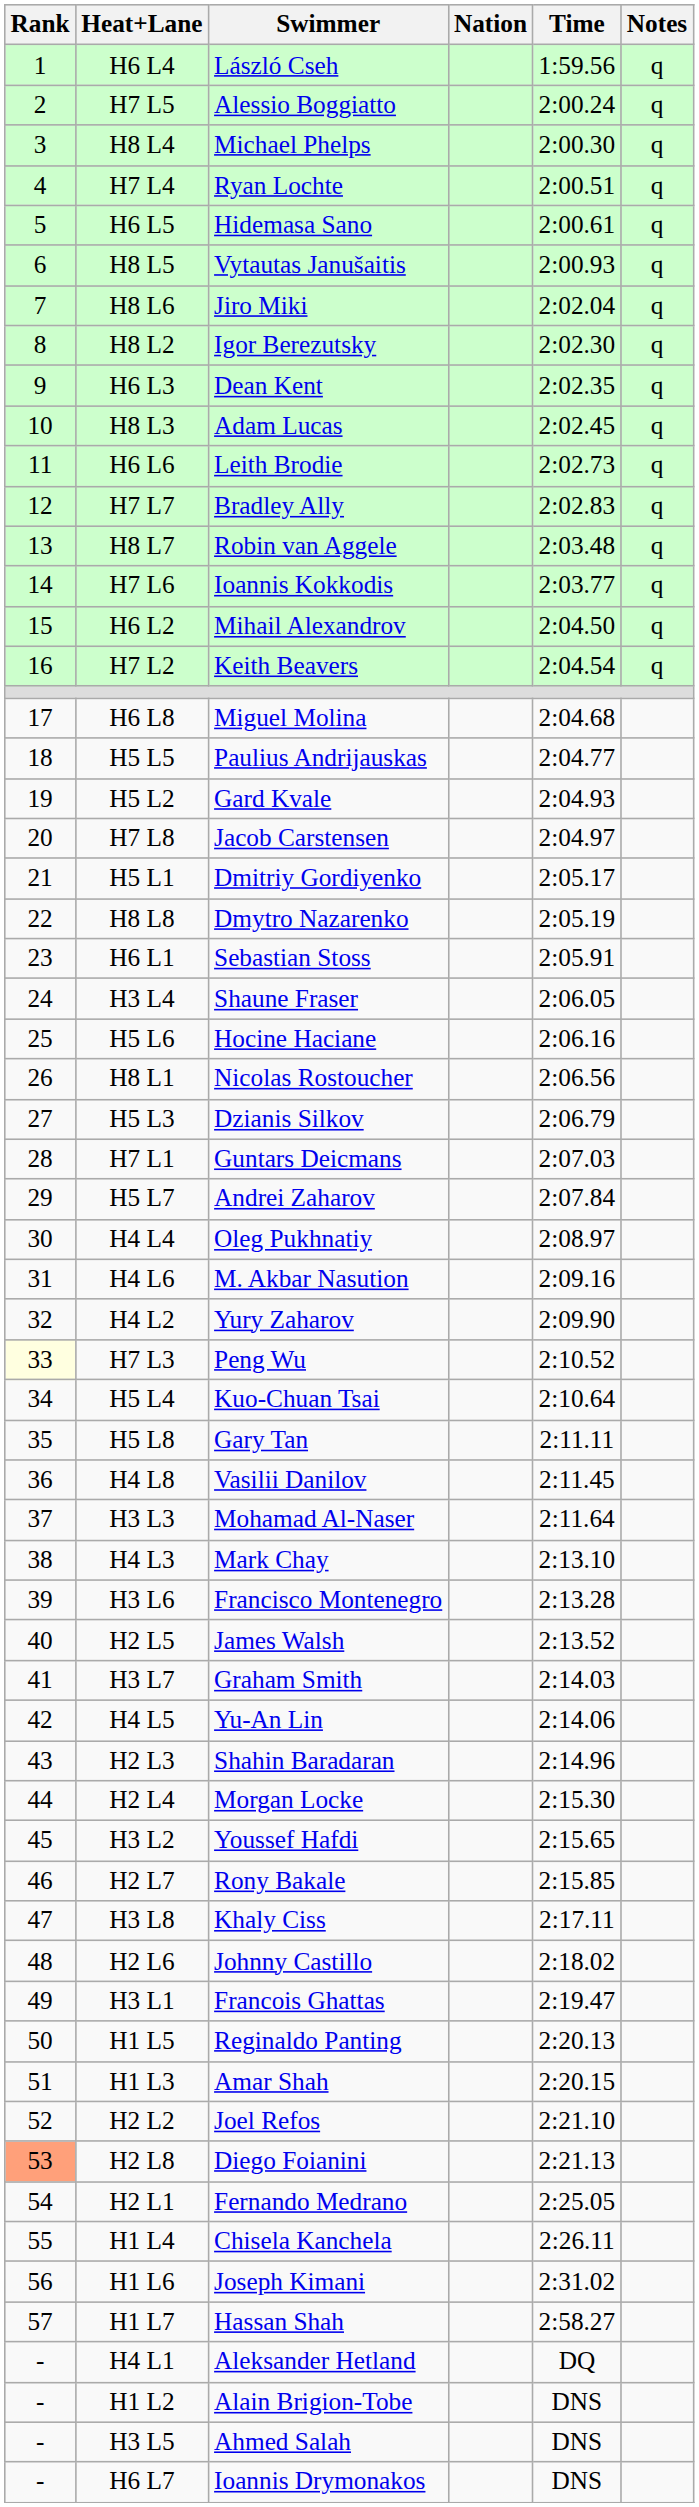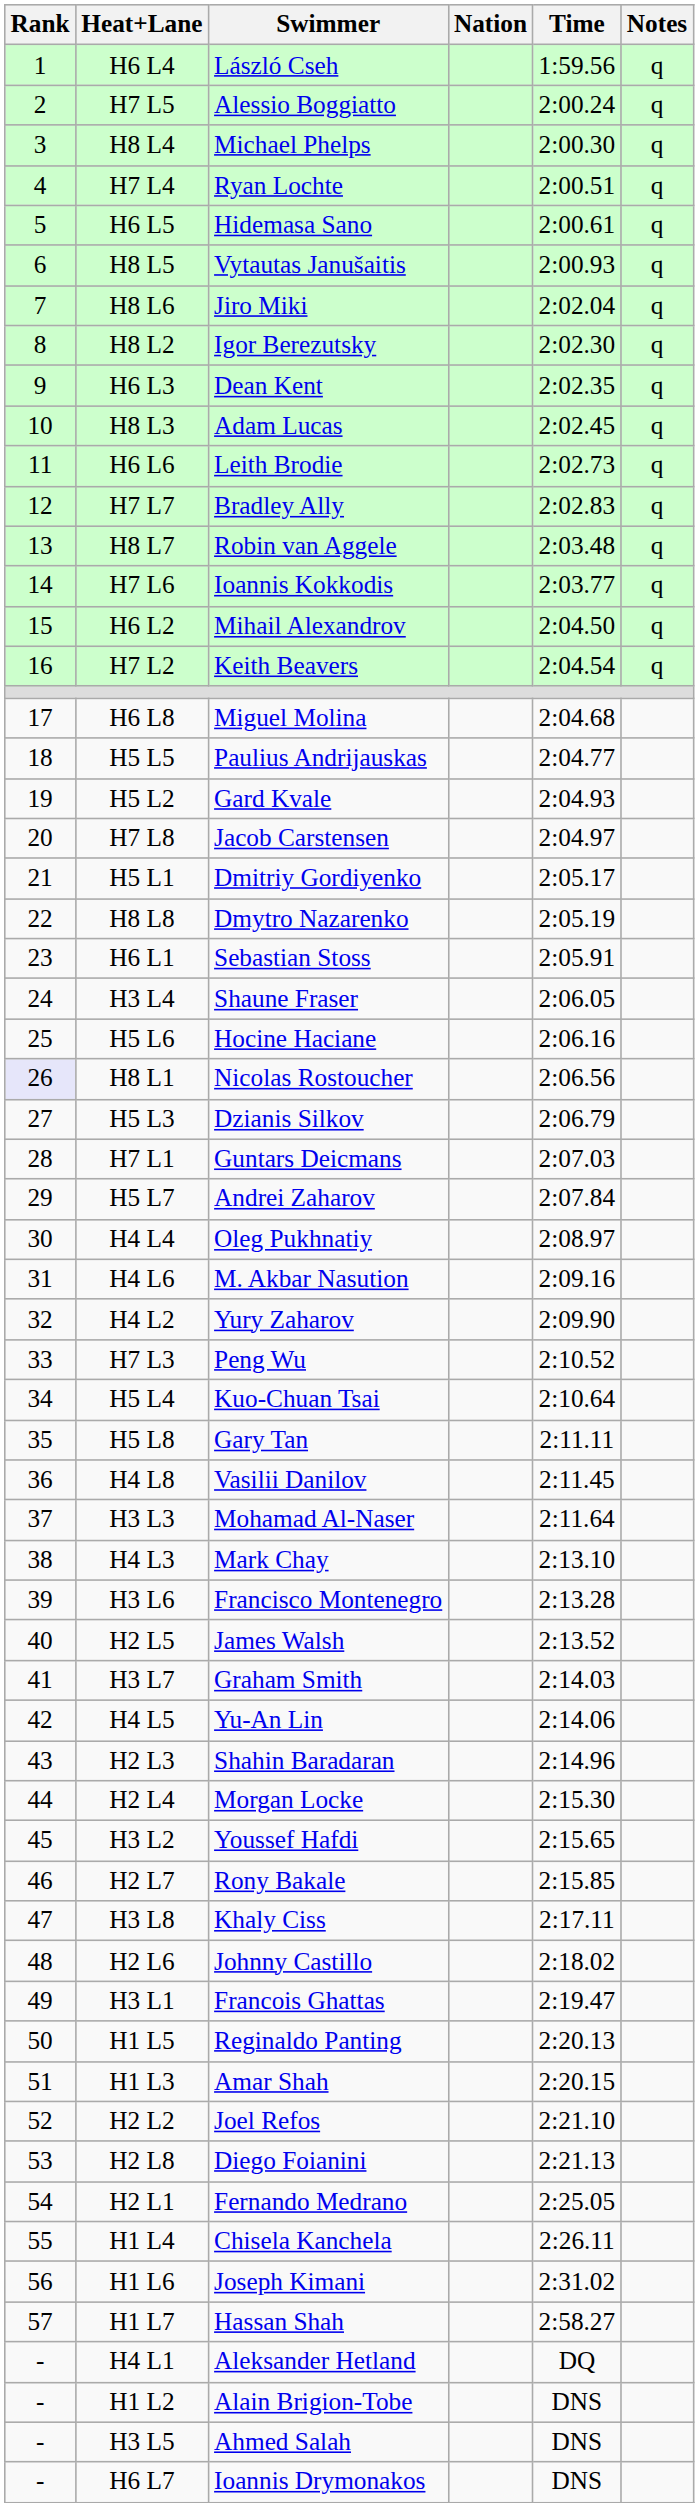 <table class="wikitable sortable" style="text-align:center">
 <tr>
 <th>Rank</th>
 <th>Heat+Lane</th>
 <th>Swimmer</th>
 <th>Nation</th>
 <th>Time</th>
 <th>Notes</th>
 </tr>
 <tr bgcolor=ccffcc>
 <td>1</td>
 <td>H6 L4</td>
 <td align=left><a href='#'>László Cseh</a></td>
 <td align=left></td>
 <td>1:59.56</td>
 <td>q</td>
 </tr>
 <tr bgcolor=ccffcc>
 <td>2</td>
 <td>H7 L5</td>
 <td align=left><a href='#'>Alessio Boggiatto</a></td>
 <td align=left></td>
 <td>2:00.24</td>
 <td>q</td>
 </tr>
 <tr bgcolor=ccffcc>
 <td>3</td>
 <td>H8 L4</td>
 <td align=left><a href='#'>Michael Phelps</a></td>
 <td align=left></td>
 <td>2:00.30</td>
 <td>q</td>
 </tr>
 <tr bgcolor=ccffcc>
 <td>4</td>
 <td>H7 L4</td>
 <td align=left><a href='#'>Ryan Lochte</a></td>
 <td align=left></td>
 <td>2:00.51</td>
 <td>q</td>
 </tr>
 <tr bgcolor=ccffcc>
 <td>5</td>
 <td>H6 L5</td>
 <td align=left><a href='#'>Hidemasa Sano</a></td>
 <td align=left></td>
 <td>2:00.61</td>
 <td>q</td>
 </tr>
 <tr bgcolor=ccffcc>
 <td>6</td>
 <td>H8 L5</td>
 <td align=left><a href='#'>Vytautas Janušaitis</a></td>
 <td align=left></td>
 <td>2:00.93</td>
 <td>q</td>
 </tr>
 <tr bgcolor=ccffcc>
 <td>7</td>
 <td>H8 L6</td>
 <td align=left><a href='#'>Jiro Miki</a></td>
 <td align=left></td>
 <td>2:02.04</td>
 <td>q</td>
 </tr>
 <tr bgcolor=ccffcc>
 <td>8</td>
 <td>H8 L2</td>
 <td align=left><a href='#'>Igor Berezutsky</a></td>
 <td align=left></td>
 <td>2:02.30</td>
 <td>q</td>
 </tr>
 <tr bgcolor=ccffcc>
 <td>9</td>
 <td>H6 L3</td>
 <td align=left><a href='#'>Dean Kent</a></td>
 <td align=left></td>
 <td>2:02.35</td>
 <td>q</td>
 </tr>
 <tr bgcolor=ccffcc>
 <td>10</td>
 <td>H8 L3</td>
 <td align=left><a href='#'>Adam Lucas</a></td>
 <td align=left></td>
 <td>2:02.45</td>
 <td>q</td>
 </tr>
 <tr bgcolor=ccffcc>
 <td>11</td>
 <td>H6 L6</td>
 <td align=left><a href='#'>Leith Brodie</a></td>
 <td align=left></td>
 <td>2:02.73</td>
 <td>q</td>
 </tr>
 <tr bgcolor=ccffcc>
 <td>12</td>
 <td>H7 L7</td>
 <td align=left><a href='#'>Bradley Ally</a></td>
 <td align=left></td>
 <td>2:02.83</td>
 <td>q</td>
 </tr>
 <tr bgcolor=ccffcc>
 <td>13</td>
 <td>H8 L7</td>
 <td align=left><a href='#'>Robin van Aggele</a></td>
 <td align=left></td>
 <td>2:03.48</td>
 <td>q</td>
 </tr>
 <tr bgcolor=ccffcc>
 <td>14</td>
 <td>H7 L6</td>
 <td align=left><a href='#'>Ioannis Kokkodis</a></td>
 <td align=left></td>
 <td>2:03.77</td>
 <td>q</td>
 </tr>
 <tr bgcolor=ccffcc>
 <td>15</td>
 <td>H6 L2</td>
 <td align=left><a href='#'>Mihail Alexandrov</a></td>
 <td align=left></td>
 <td>2:04.50</td>
 <td>q</td>
 </tr>
 <tr bgcolor=ccffcc>
 <td>16</td>
 <td>H7 L2</td>
 <td align=left><a href='#'>Keith Beavers</a></td>
 <td align=left></td>
 <td>2:04.54</td>
 <td>q</td>
 </tr>
 <tr bgcolor=#DDDDDD>
 <td colspan=7></td>
 </tr>
 <tr>
 <td>17</td>
 <td>H6 L8</td>
 <td align=left><a href='#'>Miguel Molina</a></td>
 <td align=left></td>
 <td>2:04.68</td>
 <td></td>
 </tr>
 <tr>
 <td>18</td>
 <td>H5 L5</td>
 <td align=left><a href='#'>Paulius Andrijauskas</a></td>
 <td align=left></td>
 <td>2:04.77</td>
 <td></td>
 </tr>
 <tr>
 <td>19</td>
 <td>H5 L2</td>
 <td align=left><a href='#'>Gard Kvale</a></td>
 <td align=left></td>
 <td>2:04.93</td>
 <td></td>
 </tr>
 <tr>
 <td>20</td>
 <td>H7 L8</td>
 <td align=left><a href='#'>Jacob Carstensen</a></td>
 <td align=left></td>
 <td>2:04.97</td>
 <td></td>
 </tr>
 <tr>
 <td>21</td>
 <td>H5 L1</td>
 <td align=left><a href='#'>Dmitriy Gordiyenko</a></td>
 <td align=left></td>
 <td>2:05.17</td>
 <td></td>
 </tr>
 <tr>
 <td>22</td>
 <td>H8 L8</td>
 <td align=left><a href='#'>Dmytro Nazarenko</a></td>
 <td align=left></td>
 <td>2:05.19</td>
 <td></td>
 </tr>
 <tr>
 <td>23</td>
 <td>H6 L1</td>
 <td align=left><a href='#'>Sebastian Stoss</a></td>
 <td align=left></td>
 <td>2:05.91</td>
 <td></td>
 </tr>
 <tr>
 <td>24</td>
 <td>H3 L4</td>
 <td align=left><a href='#'>Shaune Fraser</a></td>
 <td align=left></td>
 <td>2:06.05</td>
 <td></td>
 </tr>
 <tr>
 <td>25</td>
 <td>H5 L6</td>
 <td align=left><a href='#'>Hocine Haciane</a></td>
 <td align=left></td>
 <td>2:06.16</td>
 <td></td>
 </tr>
 <tr>
-<td>26</td>
+<td style="background: lavender;">26</td>
 <td>H8 L1</td>
 <td align=left><a href='#'>Nicolas Rostoucher</a></td>
 <td align=left></td>
 <td>2:06.56</td>
 <td></td>
 </tr>
 <tr>
 <td>27</td>
 <td>H5 L3</td>
 <td align=left><a href='#'>Dzianis Silkov</a></td>
 <td align=left></td>
 <td>2:06.79</td>
 <td></td>
 </tr>
 <tr>
 <td>28</td>
 <td>H7 L1</td>
 <td align=left><a href='#'>Guntars Deicmans</a></td>
 <td align=left></td>
 <td>2:07.03</td>
 <td></td>
 </tr>
 <tr>
 <td>29</td>
 <td>H5 L7</td>
 <td align=left><a href='#'>Andrei Zaharov</a></td>
 <td align=left></td>
 <td>2:07.84</td>
 <td></td>
 </tr>
 <tr>
 <td>30</td>
 <td>H4 L4</td>
 <td align=left><a href='#'>Oleg Pukhnatiy</a></td>
 <td align=left></td>
 <td>2:08.97</td>
 <td></td>
 </tr>
 <tr>
 <td>31</td>
 <td>H4 L6</td>
 <td align=left><a href='#'>M. Akbar Nasution</a></td>
 <td align=left></td>
 <td>2:09.16</td>
 <td></td>
 </tr>
 <tr>
 <td>32</td>
 <td>H4 L2</td>
 <td align=left><a href='#'>Yury Zaharov</a></td>
 <td align=left></td>
 <td>2:09.90</td>
 <td></td>
 </tr>
 <tr>
-<td style="background: lightyellow;">33</td>
+<td>33</td>
 <td>H7 L3</td>
 <td align=left><a href='#'>Peng Wu</a></td>
 <td align=left></td>
 <td>2:10.52</td>
 <td></td>
 </tr>
 <tr>
 <td>34</td>
 <td>H5 L4</td>
 <td align=left><a href='#'>Kuo-Chuan Tsai</a></td>
 <td align=left></td>
 <td>2:10.64</td>
 <td></td>
 </tr>
 <tr>
 <td>35</td>
 <td>H5 L8</td>
 <td align=left><a href='#'>Gary Tan</a></td>
 <td align=left></td>
 <td>2:11.11</td>
 <td></td>
 </tr>
 <tr>
 <td>36</td>
 <td>H4 L8</td>
 <td align=left><a href='#'>Vasilii Danilov</a></td>
 <td align=left></td>
 <td>2:11.45</td>
 <td></td>
 </tr>
 <tr>
 <td>37</td>
 <td>H3 L3</td>
 <td align=left><a href='#'>Mohamad Al-Naser</a></td>
 <td align=left></td>
 <td>2:11.64</td>
 <td></td>
 </tr>
 <tr>
 <td>38</td>
 <td>H4 L3</td>
 <td align=left><a href='#'>Mark Chay</a></td>
 <td align=left></td>
 <td>2:13.10</td>
 <td></td>
 </tr>
 <tr>
 <td>39</td>
 <td>H3 L6</td>
 <td align=left><a href='#'>Francisco Montenegro</a></td>
 <td align=left></td>
 <td>2:13.28</td>
 <td></td>
 </tr>
 <tr>
 <td>40</td>
 <td>H2 L5</td>
 <td align=left><a href='#'>James Walsh</a></td>
 <td align=left></td>
 <td>2:13.52</td>
 <td></td>
 </tr>
 <tr>
 <td>41</td>
 <td>H3 L7</td>
 <td align=left><a href='#'>Graham Smith</a></td>
 <td align=left></td>
 <td>2:14.03</td>
 <td></td>
 </tr>
 <tr>
 <td>42</td>
 <td>H4 L5</td>
 <td align=left><a href='#'>Yu-An Lin</a></td>
 <td align=left></td>
 <td>2:14.06</td>
 <td></td>
 </tr>
 <tr>
 <td>43</td>
 <td>H2 L3</td>
 <td align=left><a href='#'>Shahin Baradaran</a></td>
 <td align=left></td>
 <td>2:14.96</td>
 <td></td>
 </tr>
 <tr>
 <td>44</td>
 <td>H2 L4</td>
 <td align=left><a href='#'>Morgan Locke</a></td>
 <td align=left></td>
 <td>2:15.30</td>
 <td></td>
 </tr>
 <tr>
 <td>45</td>
 <td>H3 L2</td>
 <td align=left><a href='#'>Youssef Hafdi</a></td>
 <td align=left></td>
 <td>2:15.65</td>
 <td></td>
 </tr>
 <tr>
 <td>46</td>
 <td>H2 L7</td>
 <td align=left><a href='#'>Rony Bakale</a></td>
 <td align=left></td>
 <td>2:15.85</td>
 <td></td>
 </tr>
 <tr>
 <td>47</td>
 <td>H3 L8</td>
 <td align=left><a href='#'>Khaly Ciss</a></td>
 <td align=left></td>
 <td>2:17.11</td>
 <td></td>
 </tr>
 <tr>
 <td>48</td>
 <td>H2 L6</td>
 <td align=left><a href='#'>Johnny Castillo</a></td>
 <td align=left></td>
 <td>2:18.02</td>
 <td></td>
 </tr>
 <tr>
 <td>49</td>
 <td>H3 L1</td>
 <td align=left><a href='#'>Francois Ghattas</a></td>
 <td align=left></td>
 <td>2:19.47</td>
 <td></td>
 </tr>
 <tr>
 <td>50</td>
 <td>H1 L5</td>
 <td align=left><a href='#'>Reginaldo Panting</a></td>
 <td align=left></td>
 <td>2:20.13</td>
 <td></td>
 </tr>
 <tr>
 <td>51</td>
 <td>H1 L3</td>
 <td align=left><a href='#'>Amar Shah</a></td>
 <td align=left></td>
 <td>2:20.15</td>
 <td></td>
 </tr>
 <tr>
 <td>52</td>
 <td>H2 L2</td>
 <td align=left><a href='#'>Joel Refos</a></td>
 <td align=left></td>
 <td>2:21.10</td>
 <td></td>
 </tr>
 <tr>
-<td style="background: lightsalmon;">53</td>
+<td>53</td>
 <td>H2 L8</td>
 <td align=left><a href='#'>Diego Foianini</a></td>
 <td align=left></td>
 <td>2:21.13</td>
 <td></td>
 </tr>
 <tr>
 <td>54</td>
 <td>H2 L1</td>
 <td align=left><a href='#'>Fernando Medrano</a></td>
 <td align=left></td>
 <td>2:25.05</td>
 <td></td>
 </tr>
 <tr>
 <td>55</td>
 <td>H1 L4</td>
 <td align=left><a href='#'>Chisela Kanchela</a></td>
 <td align=left></td>
 <td>2:26.11</td>
 <td></td>
 </tr>
 <tr>
 <td>56</td>
 <td>H1 L6</td>
 <td align=left><a href='#'>Joseph Kimani</a></td>
 <td align=left></td>
 <td>2:31.02</td>
 <td></td>
 </tr>
 <tr>
 <td>57</td>
 <td>H1 L7</td>
 <td align=left><a href='#'>Hassan Shah</a></td>
 <td align=left></td>
 <td>2:58.27</td>
 <td></td>
 </tr>
 <tr>
 <td>-</td>
 <td>H4 L1</td>
 <td align=left><a href='#'>Aleksander Hetland</a></td>
 <td align=left></td>
 <td>DQ</td>
 <td></td>
 </tr>
 <tr>
 <td>-</td>
 <td>H1 L2</td>
 <td align=left><a href='#'>Alain Brigion-Tobe</a></td>
 <td align=left></td>
 <td>DNS</td>
 <td></td>
 </tr>
 <tr>
 <td>-</td>
 <td>H3 L5</td>
 <td align=left><a href='#'>Ahmed Salah</a></td>
 <td align=left></td>
 <td>DNS</td>
 <td></td>
 </tr>
 <tr>
 <td>-</td>
 <td>H6 L7</td>
 <td align=left><a href='#'>Ioannis Drymonakos</a></td>
 <td align=left></td>
 <td>DNS</td>
 <td></td>
 </tr>
 <tr>
 </tr>
 </table>
